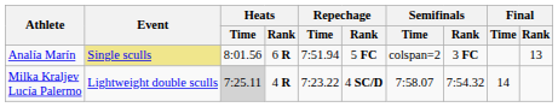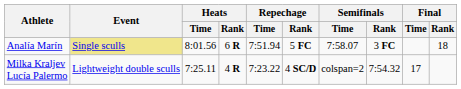 <table class="wikitable" style="font-size:90%">
 <tr>
 <th rowspan="2">Athlete</th>
 <th rowspan="2">Event</th>
 <th colspan="2">Heats</th>
 <th colspan="2">Repechage</th>
 <th colspan="2">Semifinals</th>
 <th colspan="2">Final</th>
 </tr>
 <tr style="font-size:95%">
 <th>Time</th>
 <th>Rank</th>
 <th>Time</th>
 <th>Rank</th>
 <th>Time</th>
 <th>Rank</th>
 <th>Time</th>
 <th>Rank</th>
 </tr>
 <tr align=center>
 <td align=left><a href='#'>Analía Marín</a></td>
 <td align=left style="background: khaki;"><a href='#'>Single sculls</a></td>
 <td>8:01.56</td>
 <td>6 <strong>R</strong></td>
 <td>7:51.94</td>
 <td>5 <strong>FC</strong></td>
-<td>colspan=2 </td>
+<td>7:58.07</td>
 <td>3 <strong>FC</strong></td>
 <td></td>
-<td>13</td>
+<td>18</td>
 </tr>
 <tr align=center>
 <td align=left><a href='#'>Milka Kraljev</a><br><a href='#'>Lucía Palermo</a></td>
 <td align=left><a href='#'>Lightweight double sculls</a></td>
-<td style="background: lightgrey;">7:25.11</td>
+<td>7:25.11</td>
 <td>4 <strong>R</strong></td>
 <td>7:23.22</td>
 <td>4 <strong>SC/D</strong></td>
-<td>7:58.07</td>
+<td>colspan=2 </td>
 <td>7:54.32</td>
-<td>14</td>
+<td>17</td>
 </tr>
 </table>
